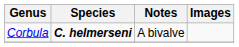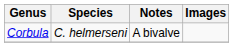 <table class="wikitable">
 <tr>
 <th>Genus</th>
 <th>Species</th>
 <th>Notes</th>
 <th>Images</th>
 </tr>
 <tr>
 <td><em><a href='#'>Corbula</a></em></td>
-<td><strong><em>C. helmerseni</em></strong></td>
+<td><em>C. helmerseni</em></td>
 <td>A bivalve</td>
 <td></td>
 </tr>
 <tr>
 </tr>
 </table>
